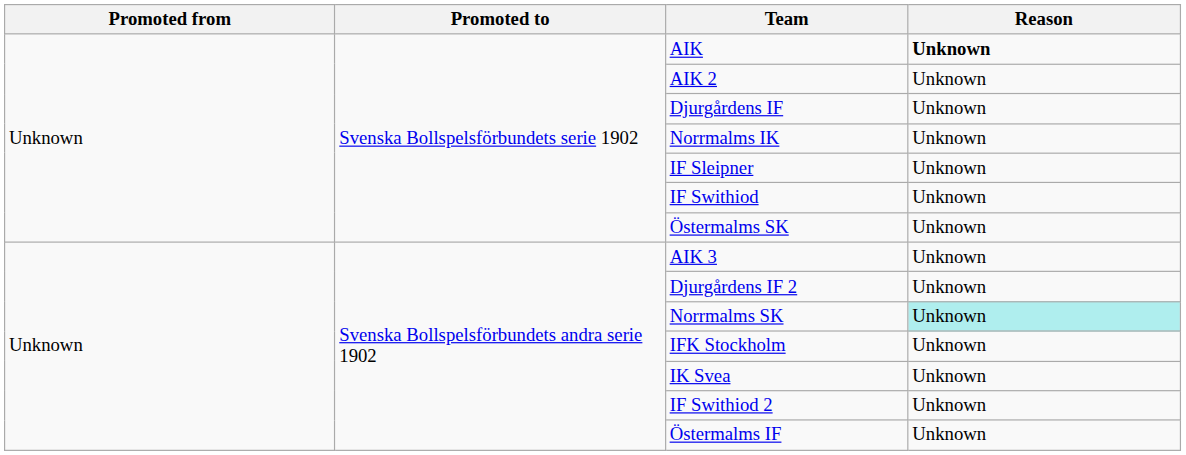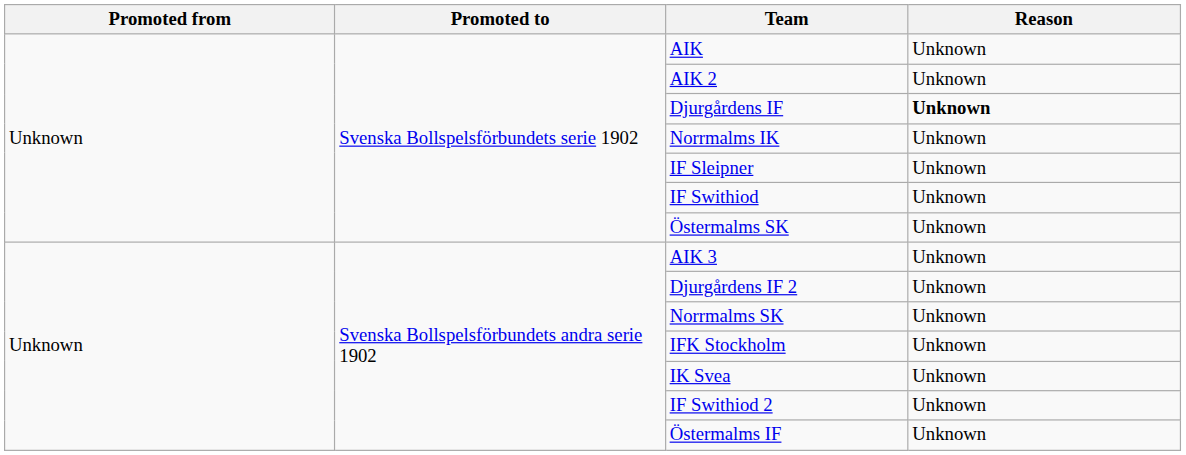 <table class="wikitable" style="text-align: left;">
 <tr>
 <th style="width: 275px;">Promoted from</th>
 <th style="width: 275px;">Promoted to</th>
 <th style="width: 200px;">Team</th>
 <th style="width: 225px;">Reason</th>
 </tr>
 <tr>
 <td rowspan="7">Unknown</td>
 <td rowspan="7"><a href='#'>Svenska Bollspelsförbundets serie</a> 1902</td>
 <td><a href='#'>AIK</a></td>
-<td><strong>Unknown</strong></td>
+<td>Unknown</td>
 </tr>
 <tr>
 <td><a href='#'>AIK 2</a></td>
 <td>Unknown</td>
 </tr>
 <tr>
 <td><a href='#'>Djurgårdens IF</a></td>
-<td>Unknown</td>
+<td><strong>Unknown</strong></td>
 </tr>
 <tr>
 <td><a href='#'>Norrmalms IK</a></td>
 <td>Unknown</td>
 </tr>
 <tr>
 <td><a href='#'>IF Sleipner</a></td>
 <td>Unknown</td>
 </tr>
 <tr>
 <td><a href='#'>IF Swithiod</a></td>
 <td>Unknown</td>
 </tr>
 <tr>
 <td><a href='#'>Östermalms SK</a></td>
 <td>Unknown</td>
 </tr>
 <tr>
 <td rowspan="7">Unknown</td>
 <td rowspan="7"><a href='#'>Svenska Bollspelsförbundets andra serie</a> 1902</td>
 <td><a href='#'>AIK 3</a></td>
 <td>Unknown</td>
 </tr>
 <tr>
 <td><a href='#'>Djurgårdens IF 2</a></td>
 <td>Unknown</td>
 </tr>
 <tr>
 <td><a href='#'>Norrmalms SK</a></td>
-<td style="background: paleturquoise;">Unknown</td>
+<td>Unknown</td>
 </tr>
 <tr>
 <td><a href='#'>IFK Stockholm</a></td>
 <td>Unknown</td>
 </tr>
 <tr>
 <td><a href='#'>IK Svea</a></td>
 <td>Unknown</td>
 </tr>
 <tr>
 <td><a href='#'>IF Swithiod 2</a></td>
 <td>Unknown</td>
 </tr>
 <tr>
 <td><a href='#'>Östermalms IF</a></td>
 <td>Unknown</td>
 </tr>
 </table>
